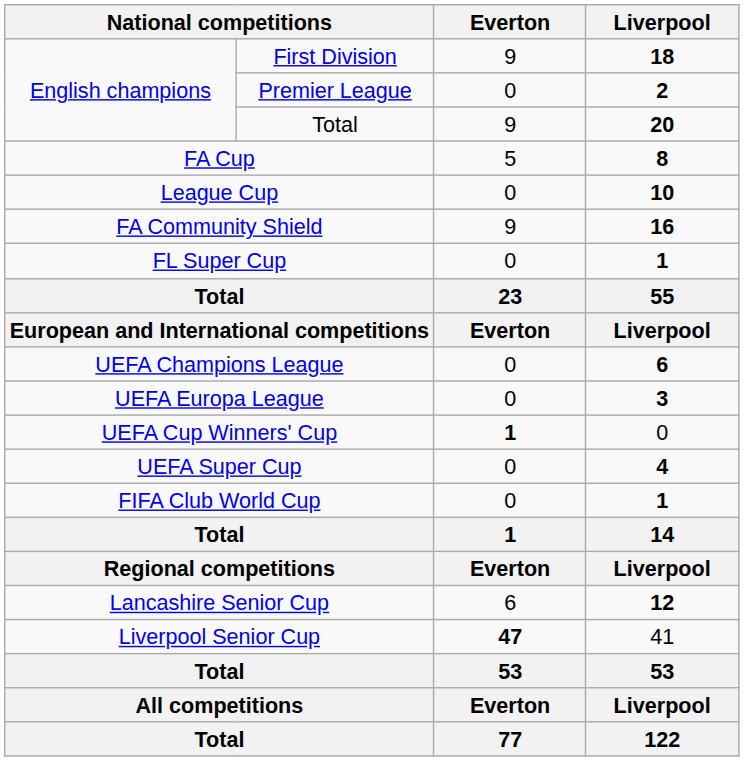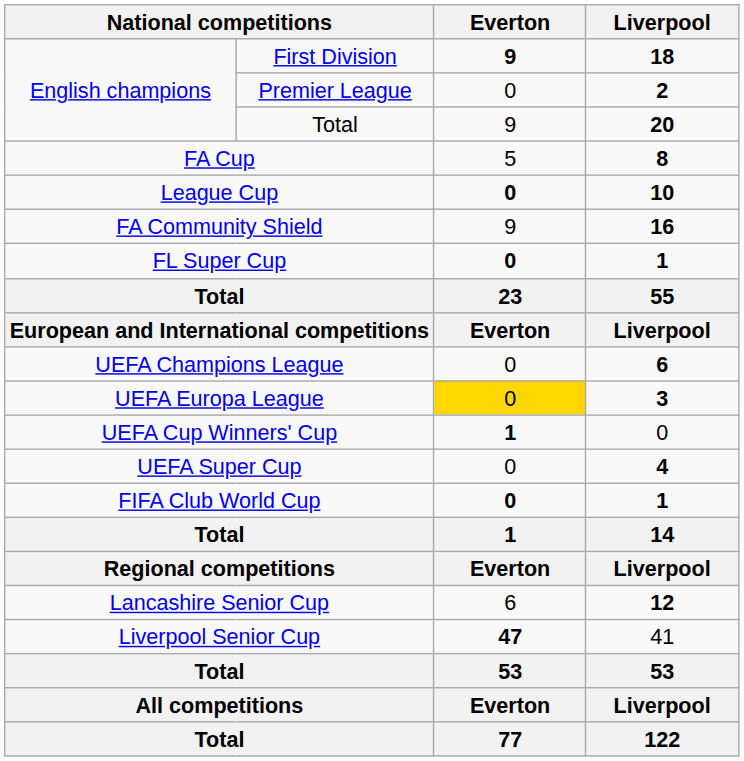 <table class="wikitable" style="text-align:center;font-size:95%">
 <tr>
 <th colspan="2">National competitions</th>
 <th style="width:100px;">Everton</th>
 <th style="width:100px;">Liverpool</th>
 </tr>
 <tr>
 <td rowspan="3"><a href='#'>English champions</a></td>
 <td><a href='#'>First Division</a></td>
-<td>9</td>
+<td><strong>9</strong></td>
 <td><strong>18</strong></td>
 </tr>
 <tr>
 <td><a href='#'>Premier League</a></td>
 <td>0</td>
 <td><strong>2</strong></td>
 </tr>
 <tr>
 <td>Total</td>
 <td>9</td>
 <td><strong>20</strong></td>
 </tr>
 <tr>
 <td colspan="2"><a href='#'>FA Cup</a></td>
 <td>5</td>
 <td><strong>8</strong></td>
 </tr>
 <tr>
 <td colspan="2"><a href='#'>League Cup</a></td>
-<td>0</td>
+<td><strong>0</strong></td>
 <td><strong>10</strong></td>
 </tr>
 <tr>
 <td colspan="2"><a href='#'>FA Community Shield</a></td>
 <td>9</td>
 <td><strong>16</strong></td>
 </tr>
 <tr>
 <td colspan="2"><a href='#'>FL Super Cup</a></td>
-<td>0</td>
+<td><strong>0</strong></td>
 <td><strong>1</strong></td>
 </tr>
 <tr>
 <th colspan="2">Total</th>
 <th>23</th>
 <th>55</th>
 </tr>
 <tr>
 <th colspan="2">European and International competitions</th>
 <th style="width:100px;">Everton</th>
 <th style="width:100px;">Liverpool</th>
 </tr>
 <tr>
 <td colspan="2"><a href='#'>UEFA Champions League</a></td>
 <td>0</td>
 <td><strong>6</strong></td>
 </tr>
 <tr>
 <td colspan="2"><a href='#'>UEFA Europa League</a></td>
-<td>0</td>
+<td style="background: gold;">0</td>
 <td><strong>3</strong></td>
 </tr>
 <tr>
 <td colspan="2"><a href='#'>UEFA Cup Winners' Cup</a></td>
 <td><strong>1</strong></td>
 <td>0</td>
 </tr>
 <tr>
 <td colspan="2"><a href='#'>UEFA Super Cup</a></td>
 <td>0</td>
 <td><strong>4</strong></td>
 </tr>
 <tr>
 <td colspan="2"><a href='#'>FIFA Club World Cup</a></td>
-<td>0</td>
+<td><strong>0</strong></td>
 <td><strong>1</strong></td>
 </tr>
 <tr>
 <th colspan="2">Total</th>
 <th>1</th>
 <th>14</th>
 </tr>
 <tr>
 <th colspan="2">Regional competitions</th>
 <th>Everton</th>
 <th>Liverpool</th>
 </tr>
 <tr>
 <td colspan="2"><a href='#'>Lancashire Senior Cup</a></td>
 <td>6</td>
 <td><strong>12</strong></td>
 </tr>
 <tr>
 <td colspan="2"><a href='#'>Liverpool Senior Cup</a></td>
 <td><strong>47</strong></td>
 <td>41</td>
 </tr>
 <tr>
 <th colspan="2">Total</th>
 <th>53</th>
 <th>53</th>
 </tr>
 <tr>
 <th colspan="2">All competitions</th>
 <th>Everton</th>
 <th>Liverpool</th>
 </tr>
 <tr>
 <th colspan="2">Total</th>
 <th>77</th>
 <th>122</th>
 </tr>
 </table>
